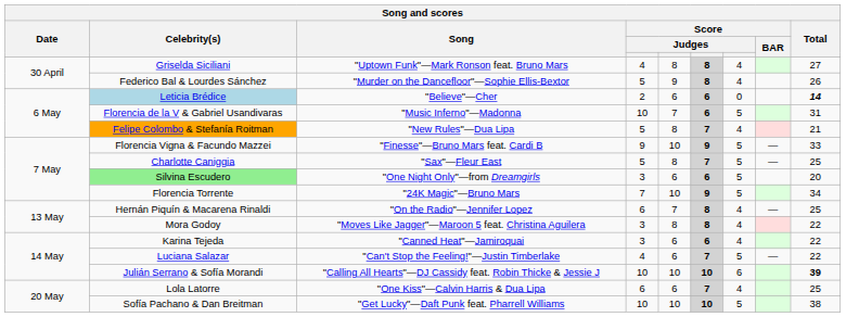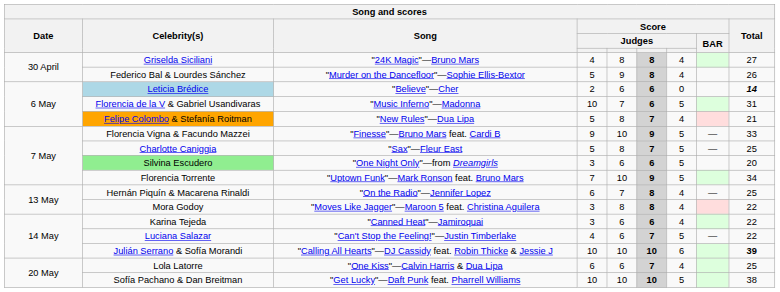 <table class="wikitable collapsible collapsed" style="font-size:95%; text-align: center; width: 100%;">
 <tr>
 <th colspan="11" style="with: 100%;" align=center>Song and scores</th>
 </tr>
 <tr>
 <th rowspan="3" width=90>Date</th>
 <th rowspan="3" width=230>Celebrity(s)</th>
 <th rowspan="3" width=370>Song</th>
 <th colspan="5">Score</th>
 <th rowspan="3" width=50>Total</th>
 </tr>
 <tr>
 <th colspan="4">Judges</th>
 <th rowspan="2" width=30>BAR<br></th>
 </tr>
 <tr>
 <th width=30></th>
 <th width=30></th>
 <th width=30></th>
 <th width=30></th>
 </tr>
 <tr>
 <td rowspan="2">30 April</td>
 <td bgcolor=""><a href='#'>Griselda Siciliani</a></td>
-<td>"<a href='#'>Uptown Funk</a>"—<a href='#'>Mark Ronson</a> feat. <a href='#'>Bruno Mars</a></td>
+<td>"<a href='#'>24K Magic</a>"—<a href='#'>Bruno Mars</a></td>
 <td>4</td>
 <td>8</td>
 <td bgcolor="lightgrey"><strong>8</strong></td>
 <td>4</td>
 <td bgcolor="#ddffdd"></td>
 <td>27</td>
 </tr>
 <tr>
 <td bgcolor="">Federico Bal & Lourdes Sánchez</td>
 <td>"<a href='#'>Murder on the Dancefloor</a>"—<a href='#'>Sophie Ellis-Bextor</a></td>
 <td>5</td>
 <td>9</td>
 <td bgcolor="lightgrey"><strong>8</strong></td>
 <td>4</td>
 <td></td>
 <td>26</td>
 </tr>
 <tr>
 <td rowspan="3">6 May</td>
 <td bgcolor="lightblue"><a href='#'>Leticia Brédice</a></td>
 <td>"<a href='#'>Believe</a>"—<a href='#'>Cher</a></td>
 <td>2</td>
 <td>6</td>
 <td bgcolor="lightgrey"><strong>6</strong></td>
 <td>0</td>
 <td></td>
 <td><span><strong><em>14</em></strong></span></td>
 </tr>
 <tr>
 <td bgcolor=""><a href='#'>Florencia de la V</a> & Gabriel Usandivaras</td>
 <td>"<a href='#'>Music Inferno</a>"—<a href='#'>Madonna</a></td>
 <td>10</td>
 <td>7</td>
 <td bgcolor="lightgrey"><strong>6</strong></td>
 <td>5</td>
 <td bgcolor="#ddffdd"></td>
 <td>31</td>
 </tr>
 <tr>
 <td bgcolor="orange"><a href='#'>Felipe Colombo</a> & Stefanía Roitman</td>
 <td>"<a href='#'>New Rules</a>"—<a href='#'>Dua Lipa</a></td>
 <td>5</td>
 <td>8</td>
 <td bgcolor="lightgrey"><strong>7</strong></td>
 <td>4</td>
 <td bgcolor="#ffdddd"></td>
 <td>21</td>
 </tr>
 <tr>
 <td rowspan="4">7 May</td>
 <td bgcolor="">Florencia Vigna & Facundo Mazzei</td>
 <td>"<a href='#'>Finesse</a>"—<a href='#'>Bruno Mars</a> feat. <a href='#'>Cardi B</a></td>
 <td>9</td>
 <td>10</td>
 <td bgcolor="lightgrey"><strong>9</strong></td>
 <td>5</td>
 <td><em>—</em></td>
 <td>33</td>
 </tr>
 <tr>
 <td bgcolor=""><a href='#'>Charlotte Caniggia</a></td>
 <td>"<a href='#'>Sax</a>"—<a href='#'>Fleur East</a></td>
 <td>5</td>
 <td>8</td>
 <td bgcolor="lightgrey"><strong>7</strong></td>
 <td>5</td>
 <td><em>—</em></td>
 <td>25</td>
 </tr>
 <tr>
 <td bgcolor="lightgreen">Silvina Escudero</td>
 <td>"<a href='#'>One Night Only</a>"—from <em><a href='#'>Dreamgirls</a></em></td>
 <td>3</td>
 <td>6</td>
 <td bgcolor="lightgrey"><strong>6</strong></td>
 <td>5</td>
 <td></td>
 <td>20</td>
 </tr>
 <tr>
 <td bgcolor="">Florencia Torrente</td>
-<td>"<a href='#'>24K Magic</a>"—<a href='#'>Bruno Mars</a></td>
+<td>"<a href='#'>Uptown Funk</a>"—<a href='#'>Mark Ronson</a> feat. <a href='#'>Bruno Mars</a></td>
 <td>7</td>
 <td>10</td>
 <td bgcolor="lightgrey"><strong>9</strong></td>
 <td>5</td>
 <td bgcolor="#ddffdd"></td>
 <td>34</td>
 </tr>
 <tr>
 <td rowspan="2">13 May</td>
 <td bgcolor="">Hernán Piquín & Macarena Rinaldi</td>
 <td>"<a href='#'>On the Radio</a>"—<a href='#'>Jennifer Lopez</a></td>
 <td>6</td>
 <td>7</td>
 <td bgcolor="lightgrey"><strong>8</strong></td>
 <td>4</td>
 <td><em>—</em></td>
 <td>25</td>
 </tr>
 <tr>
 <td bgcolor="">Mora Godoy</td>
 <td>"<a href='#'>Moves Like Jagger</a>"—<a href='#'>Maroon 5</a> feat. <a href='#'>Christina Aguilera</a></td>
 <td>3</td>
 <td>8</td>
 <td bgcolor="lightgrey"><strong>8</strong></td>
 <td>4</td>
 <td bgcolor="#ffdddd"></td>
 <td>22</td>
 </tr>
 <tr>
 <td rowspan="3">14 May</td>
 <td bgcolor="">Karina Tejeda</td>
 <td>"<a href='#'>Canned Heat</a>"—<a href='#'>Jamiroquai</a></td>
 <td>3</td>
 <td>6</td>
 <td bgcolor="lightgrey"><strong>6</strong></td>
 <td>4</td>
 <td bgcolor="#ddffdd"></td>
 <td>22</td>
 </tr>
 <tr>
 <td bgcolor=""><a href='#'>Luciana Salazar</a></td>
 <td>"<a href='#'>Can't Stop the Feeling!</a>"—<a href='#'>Justin Timberlake</a></td>
 <td>4</td>
 <td>6</td>
 <td bgcolor="lightgrey"><strong>7</strong></td>
 <td>5</td>
 <td><em>—</em></td>
 <td>22</td>
 </tr>
 <tr>
 <td bgcolor=""><a href='#'>Julián Serrano</a> & Sofía Morandi</td>
 <td>"<a href='#'>Calling All Hearts</a>"—<a href='#'>DJ Cassidy</a> feat. <a href='#'>Robin Thicke</a> & <a href='#'>Jessie J</a></td>
 <td>10</td>
 <td>10</td>
 <td bgcolor="lightgrey"><strong>10</strong></td>
 <td>6</td>
 <td bgcolor="#ddffdd"></td>
 <td><span><strong>39</strong></span></td>
 </tr>
 <tr>
 <td rowspan="2">20 May</td>
 <td bgcolor="">Lola Latorre</td>
 <td>"<a href='#'>One Kiss</a>"—<a href='#'>Calvin Harris</a> & <a href='#'>Dua Lipa</a></td>
 <td>6</td>
 <td>6</td>
 <td bgcolor="lightgrey"><strong>7</strong></td>
 <td>4</td>
 <td bgcolor="#ddffdd"></td>
 <td>25</td>
 </tr>
 <tr>
 <td bgcolor="">Sofía Pachano & Dan Breitman</td>
 <td>"<a href='#'>Get Lucky</a>"—<a href='#'>Daft Punk</a> feat. <a href='#'>Pharrell Williams</a></td>
 <td>10</td>
 <td>10</td>
 <td bgcolor="lightgrey"><strong>10</strong></td>
 <td>5</td>
 <td bgcolor="#ddffdd"></td>
 <td>38</td>
 </tr>
 </table>
